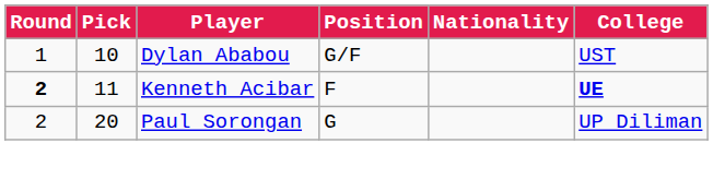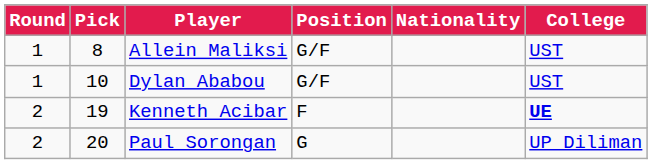 <table class="wikitable sortable sortable">
 <tr>
 <th style="background:#E21B4D; color:#FFFFFF; ">Round</th>
 <th style="background:#E21B4D; color:#FFFFFF; ">Pick</th>
 <th style="background:#E21B4D; color:#FFFFFF; ">Player</th>
 <th style="background:#E21B4D; color:#FFFFFF; ">Position</th>
 <th style="background:#E21B4D; color:#FFFFFF; ">Nationality</th>
 <th style="background:#E21B4D; color:#FFFFFF; ">College</th>
 </tr>
 <tr>
 <td align=center>1</td>
+<td align=center>8</td>
+<td><a href='#'>Allein Maliksi</a></td>
+<td>G/F</td>
+<td></td>
+<td><a href='#'>UST</a></td>
+</tr>
+<tr>
+<td align=center>1</td>
 <td align=center>10</td>
 <td><a href='#'>Dylan Ababou</a></td>
 <td>G/F</td>
 <td></td>
 <td><a href='#'>UST</a></td>
 </tr>
 <tr>
-<td align=center><strong>2</strong></td>
-<td align=center>11</td>
+<td align=center>2</td>
+<td align=center>19</td>
 <td><a href='#'>Kenneth Acibar</a></td>
 <td>F</td>
 <td></td>
 <td><strong><a href='#'>UE</a></strong></td>
 </tr>
 <tr>
 <td align=center>2</td>
 <td align=center>20</td>
 <td><a href='#'>Paul Sorongan</a></td>
 <td>G</td>
 <td></td>
 <td><a href='#'>UP Diliman</a></td>
 </tr>
 </table>
